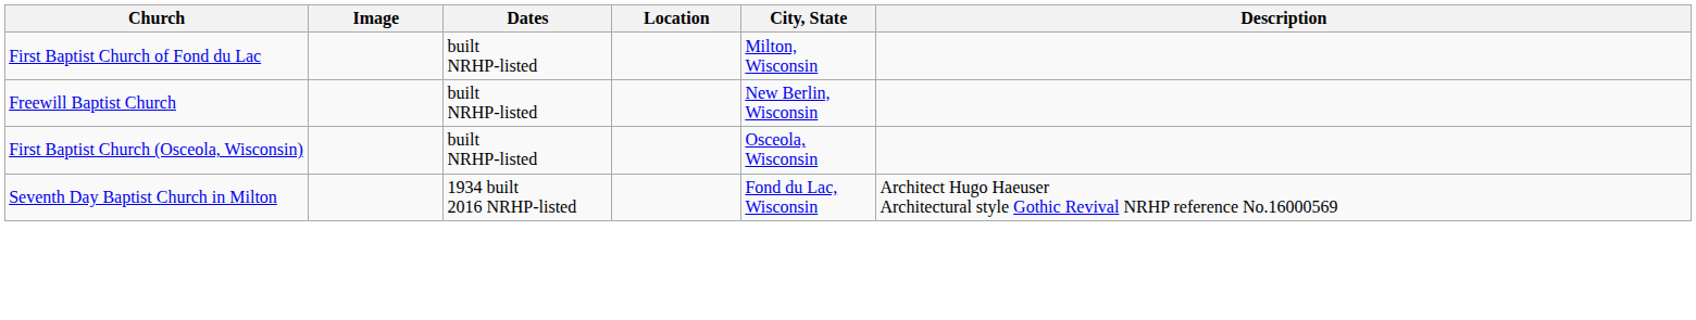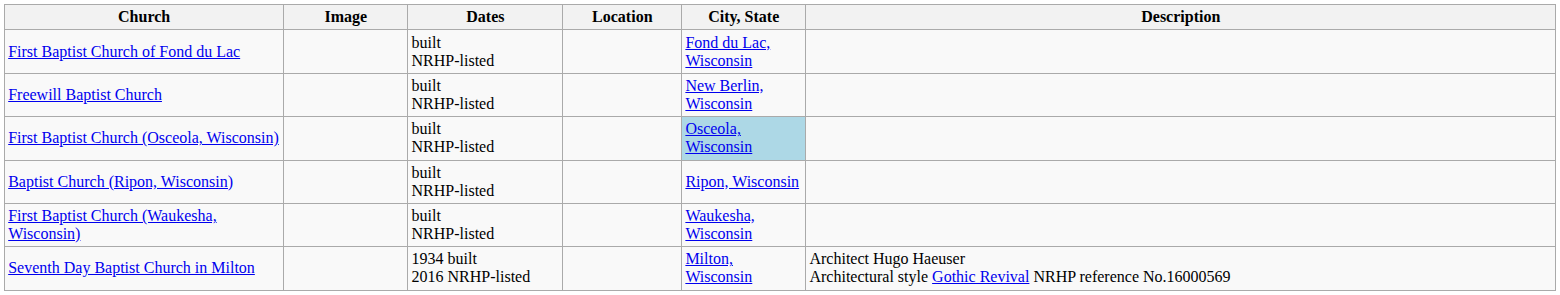 <table class="wikitable sortable" style="width:98%">
 <tr>
 <th width = 18%><strong>Church</strong></th>
 <th width = 8% class="unsortable"><strong>Image</strong></th>
 <th width = 10%><strong>Dates</strong></th>
 <th><strong>Location</strong></th>
 <th width = 8%><strong>City, State</strong></th>
 <th class="unsortable"><strong>Description</strong></th>
 </tr>
 <tr ->
 <td><a href='#'>First Baptist Church of Fond du Lac</a></td>
 <td></td>
 <td>built<br> NRHP-listed</td>
 <td></td>
-<td><a href='#'>Milton, Wisconsin</a></td>
+<td><a href='#'>Fond du Lac, Wisconsin</a></td>
 <td></td>
 </tr>
 <tr ->
 <td><a href='#'>Freewill Baptist Church</a></td>
 <td></td>
 <td>built<br> NRHP-listed</td>
 <td></td>
 <td><a href='#'>New Berlin, Wisconsin</a></td>
 <td></td>
 </tr>
 <tr ->
 <td><a href='#'>First Baptist Church (Osceola, Wisconsin)</a></td>
 <td></td>
 <td>built<br> NRHP-listed</td>
 <td></td>
-<td><a href='#'>Osceola, Wisconsin</a></td>
+<td style="background: lightblue;"><a href='#'>Osceola, Wisconsin</a></td>
+<td></td>
+</tr>
+<tr ->
+<td><a href='#'>Baptist Church (Ripon, Wisconsin)</a></td>
+<td></td>
+<td>built<br> NRHP-listed</td>
+<td></td>
+<td><a href='#'>Ripon, Wisconsin</a></td>
+<td></td>
+</tr>
+<tr ->
+<td><a href='#'>First Baptist Church (Waukesha, Wisconsin)</a></td>
+<td></td>
+<td>built<br> NRHP-listed</td>
+<td></td>
+<td><a href='#'>Waukesha, Wisconsin</a></td>
 <td></td>
 </tr>
 <tr ->
 <td><a href='#'>Seventh Day Baptist Church in Milton</a></td>
 <td></td>
 <td>1934 built<br>2016 NRHP-listed</td>
 <td></td>
-<td><a href='#'>Fond du Lac, Wisconsin</a></td>
+<td><a href='#'>Milton, Wisconsin</a></td>
 <td>Architect Hugo Haeuser<br>Architectural style <a href='#'>Gothic Revival</a> NRHP reference <abbr>No.</abbr>16000569</td>
 </tr>
 </table>
